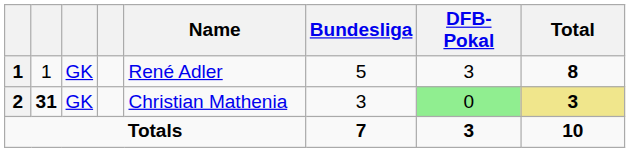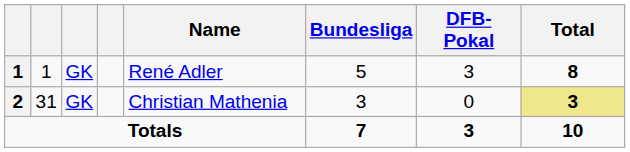 <table class="wikitable" style="text-align:center">
 <tr>
 <th width=15></th>
 <th width=15></th>
 <th width=15></th>
 <th width=15></th>
 <th width=145>Name</th>
 <th width=80><strong><a href='#'>Bundesliga</a></strong></th>
 <th width=80><strong><a href='#'>DFB-Pokal</a></strong></th>
 <th width=80>Total</th>
 </tr>
 <tr>
 <th>1</th>
 <td>1</td>
 <td><a href='#'>GK</a></td>
 <td></td>
 <td align=left><a href='#'>René Adler</a></td>
 <td>5</td>
 <td>3</td>
 <td><strong>8</strong></td>
 </tr>
 <tr>
 <th>2</th>
-<td><strong>31</strong></td>
+<td>31</td>
 <td><a href='#'>GK</a></td>
 <td></td>
 <td align=left><a href='#'>Christian Mathenia</a></td>
 <td>3</td>
-<td style="background: lightgreen;">0</td>
+<td>0</td>
 <td style="background: khaki;"><strong>3</strong></td>
 </tr>
 <tr>
 <td colspan=5><strong>Totals</strong></td>
 <td><strong>7</strong></td>
 <td><strong>3</strong></td>
 <td><strong>10</strong></td>
 </tr>
 </table>
